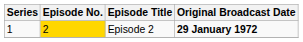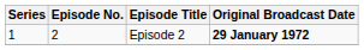 <table class="wikitable">
 <tr>
 <th>Series</th>
 <th>Episode No.</th>
 <th>Episode Title</th>
 <th>Original Broadcast Date</th>
 </tr>
 <tr>
 <td rowspan="1">1</td>
-<td style="background: gold;">2</td>
+<td>2</td>
 <td>Episode 2</td>
 <td><strong>29 January 1972</strong></td>
 </tr>
 <tr>
 </tr>
 </table>
